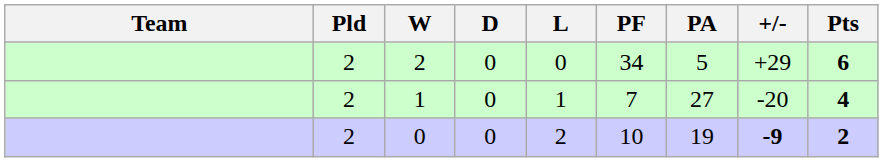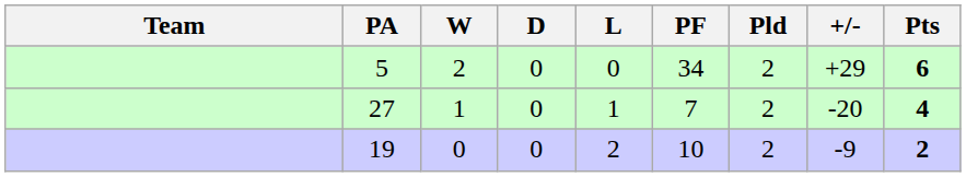 <table class="wikitable" style="text-align: center;">
 <tr>
 <th width="200">Team</th>
-<th width="40">Pld</th>
+<th width="40">PA</th>
 <th width="40">W</th>
 <th width="40">D</th>
 <th width="40">L</th>
 <th width="40">PF</th>
-<th width="40">PA</th>
+<th width="40">Pld</th>
 <th width="40">+/-</th>
 <th width="40">Pts</th>
 </tr>
 <tr bgcolor=ccffcc>
 <td align=left></td>
-<td>2</td>
+<td>5</td>
 <td>2</td>
 <td>0</td>
 <td>0</td>
 <td>34</td>
-<td>5</td>
+<td>2</td>
 <td>+29</td>
 <td><strong>6</strong></td>
 </tr>
 <tr bgcolor=ccffcc>
 <td align=left></td>
-<td>2</td>
+<td>27</td>
 <td>1</td>
 <td>0</td>
 <td>1</td>
 <td>7</td>
-<td>27</td>
+<td>2</td>
 <td>-20</td>
 <td><strong>4</strong></td>
 </tr>
 <tr bgcolor=ccccff>
 <td align=left></td>
-<td>2</td>
+<td>19</td>
 <td>0</td>
 <td>0</td>
 <td>2</td>
 <td>10</td>
-<td>19</td>
-<td><strong>-9</strong></td>
+<td>2</td>
+<td>-9</td>
 <td><strong>2</strong></td>
 </tr>
 </table>
